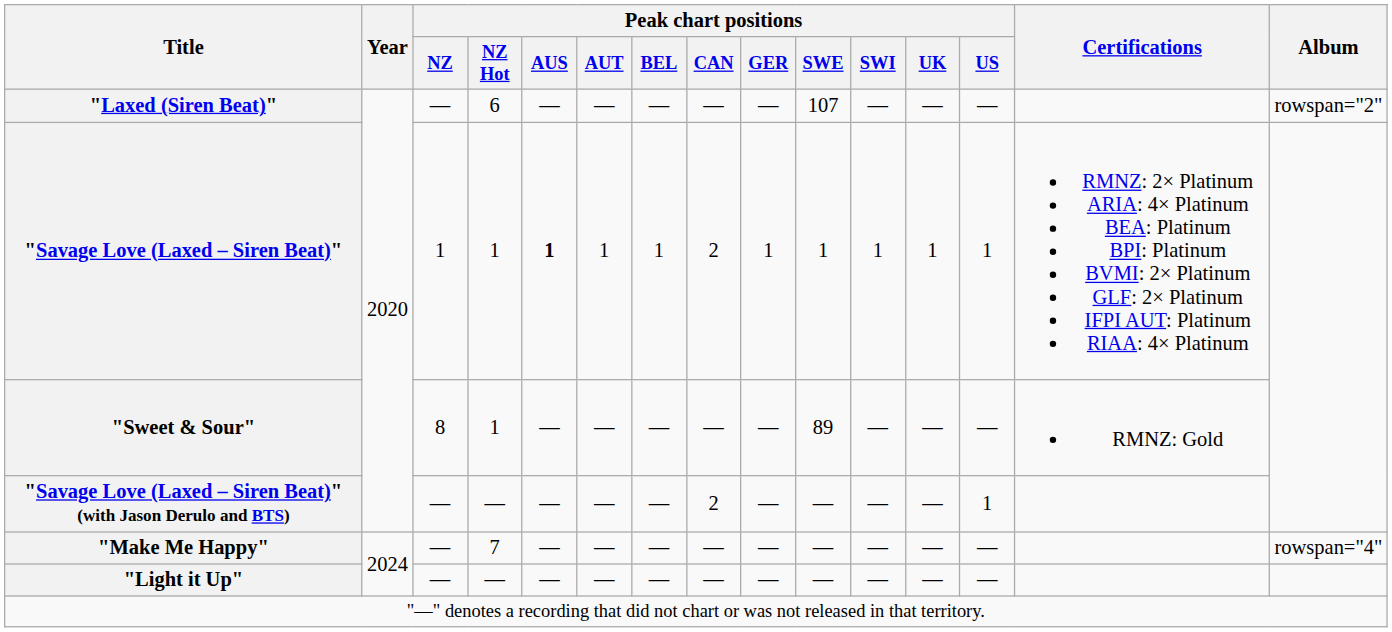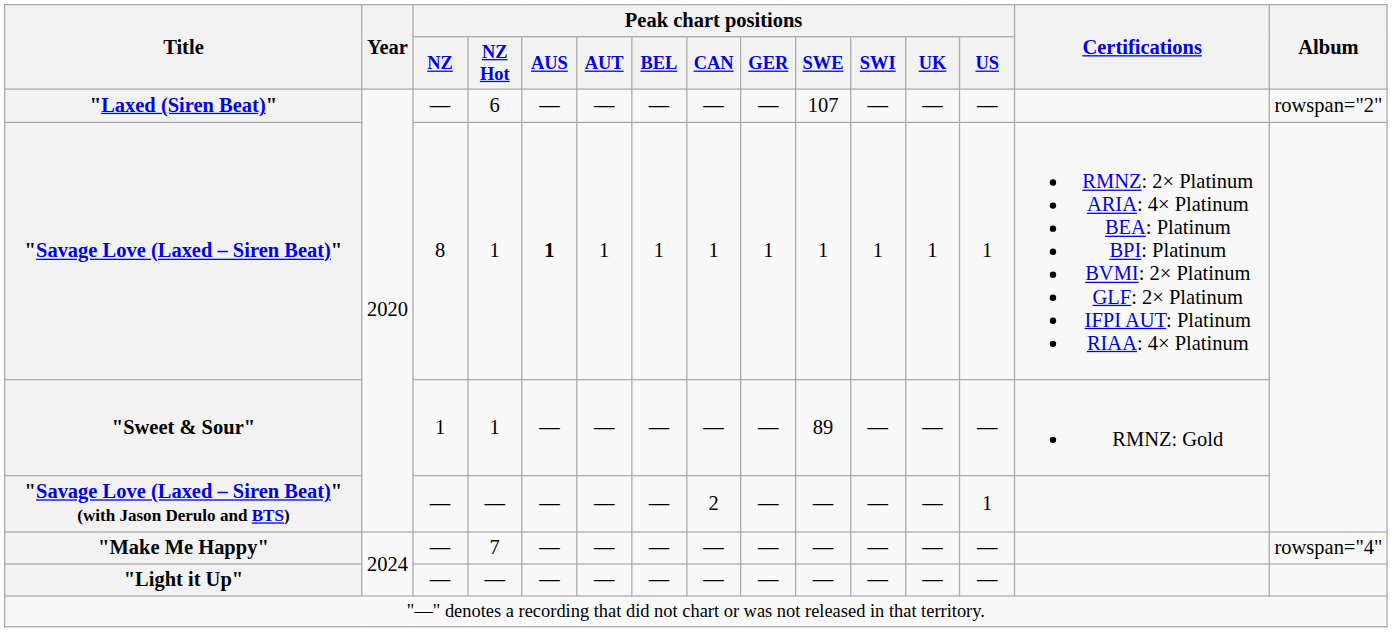 <table class="wikitable plainrowheaders" style="text-align:center;">
 <tr>
 <th scope="col" rowspan="2" style="width:17em;">Title</th>
 <th scope="col" rowspan="2" style="width:1em;">Year</th>
 <th colspan="11" scope="col">Peak chart positions</th>
 <th scope="col" rowspan="2" style="width:12em;"><a href='#'>Certifications</a></th>
 <th scope="col" rowspan="2">Album</th>
 </tr>
 <tr>
 <th scope="col" style="width:2.5em;font-size:90%;"><a href='#'>NZ</a><br></th>
 <th scope="col" style="width:2.5em;font-size:90%;"><a href='#'>NZ Hot</a><br></th>
 <th scope="col" style="width:2.5em;font-size:90%;"><a href='#'>AUS</a><br></th>
 <th scope="col" style="width:2.5em;font-size:90%;"><a href='#'>AUT</a><br></th>
 <th scope="col" style="width:2.5em;font-size:90%;"><a href='#'>BEL</a><br></th>
 <th scope="col" style="width:2.5em;font-size:90%;"><a href='#'>CAN</a><br></th>
 <th scope="col" style="width:2.5em;font-size:90%;"><a href='#'>GER</a><br></th>
 <th scope="col" style="width:2.5em;font-size:90%;"><a href='#'>SWE</a><br></th>
 <th scope="col" style="width:2.5em;font-size:90%;"><a href='#'>SWI</a><br></th>
 <th scope="col" style="width:2.5em;font-size:90%;"><a href='#'>UK</a><br></th>
 <th scope="col" style="width:2.5em;font-size:90%;"><a href='#'>US</a><br></th>
 </tr>
 <tr>
 <th scope="row">"<a href='#'>Laxed (Siren Beat)</a>"</th>
 <td rowspan="4">2020</td>
 <td>—</td>
 <td>6</td>
 <td>—</td>
 <td>—</td>
 <td>—</td>
 <td>—</td>
 <td>—</td>
 <td>107</td>
 <td>—</td>
 <td>—</td>
 <td>—</td>
 <td></td>
 <td>rowspan="2" </td>
 </tr>
 <tr>
 <th scope="row">"<a href='#'>Savage Love (Laxed – Siren Beat)</a>"<br></th>
-<td>1</td>
+<td>8</td>
 <td>1</td>
 <td><strong>1</strong></td>
 <td>1</td>
 <td>1</td>
-<td>2</td>
+<td>1</td>
 <td>1</td>
 <td>1</td>
 <td>1</td>
 <td>1</td>
 <td>1</td>
 <td><br><ul><li><a href='#'>RMNZ</a>: 2× Platinum</li><li><a href='#'>ARIA</a>: 4× Platinum</li><li><a href='#'>BEA</a>: Platinum</li><li><a href='#'>BPI</a>: Platinum</li><li><a href='#'>BVMI</a>: 2× Platinum</li><li><a href='#'>GLF</a>: 2× Platinum</li><li><a href='#'>IFPI AUT</a>: Platinum</li><li><a href='#'>RIAA</a>: 4× Platinum</li></ul></td>
 </tr>
 <tr>
 <th scope="row">"Sweet & Sour"<br></th>
-<td>8</td>
+<td>1</td>
 <td>1</td>
 <td>—</td>
 <td>—</td>
 <td>—</td>
 <td>—</td>
 <td>—</td>
 <td>89</td>
 <td>—</td>
 <td>—</td>
 <td>—</td>
 <td><br><ul><li>RMNZ: Gold</li></ul></td>
 </tr>
 <tr>
 <th scope= "row">"<a href='#'>Savage Love (Laxed – Siren Beat)</a>" <small>(with Jason Derulo and <a href='#'>BTS</a>)</small></th>
 <td>—</td>
 <td>—</td>
 <td>—</td>
 <td>—</td>
 <td>—</td>
 <td>2</td>
 <td>—</td>
 <td>—</td>
 <td>—</td>
 <td>—</td>
 <td>1</td>
 <td></td>
 </tr>
 <tr>
 <th scope="row">"Make Me Happy"<br></th>
 <td rowspan="2">2024</td>
 <td>—</td>
 <td>7</td>
 <td>—</td>
 <td>—</td>
 <td>—</td>
 <td>—</td>
 <td>—</td>
 <td>—</td>
 <td>—</td>
 <td>—</td>
 <td>—</td>
 <td></td>
 <td>rowspan="4"</td>
 </tr>
 <tr>
 <th scope="row">"Light it Up"<br></th>
 <td>—</td>
 <td>—</td>
 <td>—</td>
 <td>—</td>
 <td>—</td>
 <td>—</td>
 <td>—</td>
 <td>—</td>
 <td>—</td>
 <td>—</td>
 <td>—</td>
 <td></td>
 </tr>
 <tr>
 <td colspan="15" style="font-size:90%">"—" denotes a recording that did not chart or was not released in that territory.</td>
 </tr>
 </table>
